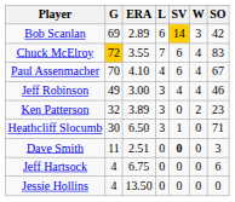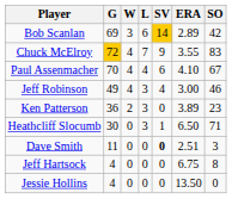 <table class="wikitable sortable" style="text-align:center">
 <tr>
 <th>Player</th>
 <th>G</th>
-<th>ERA</th>
+<th>W</th>
 <th>L</th>
 <th>SV</th>
-<th>W</th>
+<th>ERA</th>
 <th>SO</th>
 </tr>
 <tr>
 <td><a href='#'>Bob Scanlan</a></td>
 <td>69</td>
-<td>2.89</td>
+<td>3</td>
 <td>6</td>
 <td style="background:#fc0;">14</td>
-<td>3</td>
+<td>2.89</td>
 <td>42</td>
 </tr>
 <tr>
 <td><a href='#'>Chuck McElroy</a></td>
 <td style="background:#fc0;">72</td>
+<td>4</td>
+<td>7</td>
+<td>9</td>
 <td>3.55</td>
-<td>7</td>
-<td>6</td>
-<td>4</td>
 <td>83</td>
 </tr>
 <tr>
 <td><a href='#'>Paul Assenmacher</a></td>
 <td>70</td>
-<td>4.10</td>
+<td>4</td>
 <td>4</td>
 <td>6</td>
-<td>4</td>
+<td>4.10</td>
 <td>67</td>
 </tr>
 <tr>
 <td><a href='#'>Jeff Robinson</a></td>
 <td>49</td>
-<td>3.00</td>
+<td>4</td>
 <td>3</td>
 <td>4</td>
-<td>4</td>
+<td>3.00</td>
 <td>46</td>
 </tr>
 <tr>
 <td><a href='#'>Ken Patterson</a></td>
-<td>32</td>
-<td>3.89</td>
+<td>36</td>
+<td>2</td>
 <td>3</td>
 <td>0</td>
-<td>2</td>
+<td>3.89</td>
 <td>23</td>
 </tr>
 <tr>
 <td><a href='#'>Heathcliff Slocumb</a></td>
 <td>30</td>
-<td>6.50</td>
+<td>0</td>
 <td>3</td>
 <td>1</td>
-<td>0</td>
+<td>6.50</td>
 <td>71</td>
 </tr>
 <tr>
 <td><a href='#'>Dave Smith</a></td>
 <td>11</td>
-<td>2.51</td>
+<td>0</td>
 <td>0</td>
 <td><strong>0</strong></td>
-<td>0</td>
+<td>2.51</td>
 <td>3</td>
 </tr>
 <tr>
 <td><a href='#'>Jeff Hartsock</a></td>
 <td>4</td>
-<td>6.75</td>
 <td>0</td>
 <td>0</td>
 <td>0</td>
-<td>6</td>
+<td>6.75</td>
+<td>8</td>
 </tr>
 <tr>
 <td><a href='#'>Jessie Hollins</a></td>
 <td>4</td>
-<td>13.50</td>
 <td>0</td>
 <td>0</td>
 <td>0</td>
+<td>13.50</td>
 <td>0</td>
 </tr>
 </table>
